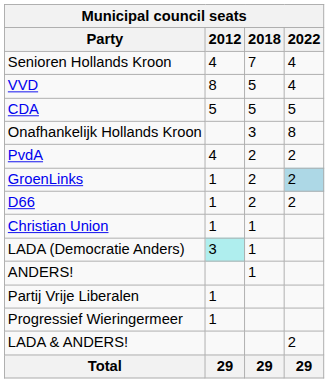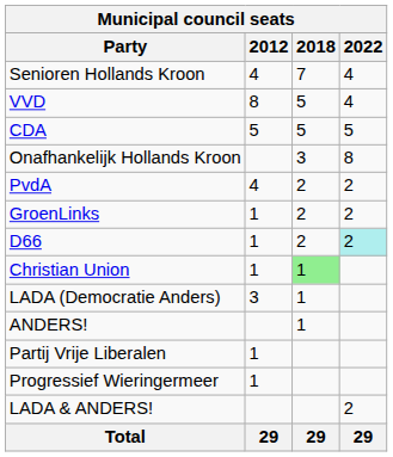 <table class="wikitable">
 <tr>
 <th colspan="4">Municipal council seats</th>
 </tr>
 <tr>
 <th>Party</th>
 <th>2012</th>
 <th>2018 </th>
 <th>2022 </th>
 </tr>
 <tr>
 <td>Senioren Hollands Kroon</td>
 <td>4</td>
 <td>7</td>
 <td>4</td>
 </tr>
 <tr>
 <td><a href='#'>VVD</a></td>
 <td>8</td>
 <td>5</td>
 <td>4</td>
 </tr>
 <tr>
 <td><a href='#'>CDA</a></td>
 <td>5</td>
 <td>5</td>
 <td>5</td>
 </tr>
 <tr>
 <td>Onafhankelijk Hollands Kroon</td>
 <td></td>
 <td>3</td>
 <td>8</td>
 </tr>
 <tr>
 <td><a href='#'>PvdA</a></td>
 <td>4</td>
 <td>2</td>
 <td>2</td>
 </tr>
 <tr>
 <td><a href='#'>GroenLinks</a></td>
 <td>1</td>
 <td>2</td>
-<td style="background: lightblue;">2</td>
+<td>2</td>
 </tr>
 <tr>
 <td><a href='#'>D66</a></td>
 <td>1</td>
 <td>2</td>
-<td>2</td>
+<td style="background: paleturquoise;">2</td>
 </tr>
 <tr>
 <td><a href='#'>Christian Union</a></td>
 <td>1</td>
-<td>1</td>
+<td style="background: lightgreen;">1</td>
 <td></td>
 </tr>
 <tr>
 <td>LADA (Democratie Anders)</td>
-<td style="background: paleturquoise;">3</td>
+<td>3</td>
 <td>1</td>
 <td></td>
 </tr>
 <tr>
 <td>ANDERS!</td>
 <td></td>
 <td>1</td>
 <td></td>
 </tr>
 <tr>
 <td>Partij Vrije Liberalen</td>
 <td>1</td>
 <td></td>
 <td></td>
 </tr>
 <tr>
 <td>Progressief Wieringermeer</td>
 <td>1</td>
 <td></td>
 <td></td>
 </tr>
 <tr>
 <td>LADA & ANDERS!</td>
 <td></td>
 <td></td>
 <td>2</td>
 </tr>
 <tr>
 <th>Total</th>
 <th>29</th>
 <th>29</th>
 <th>29</th>
 </tr>
 </table>
